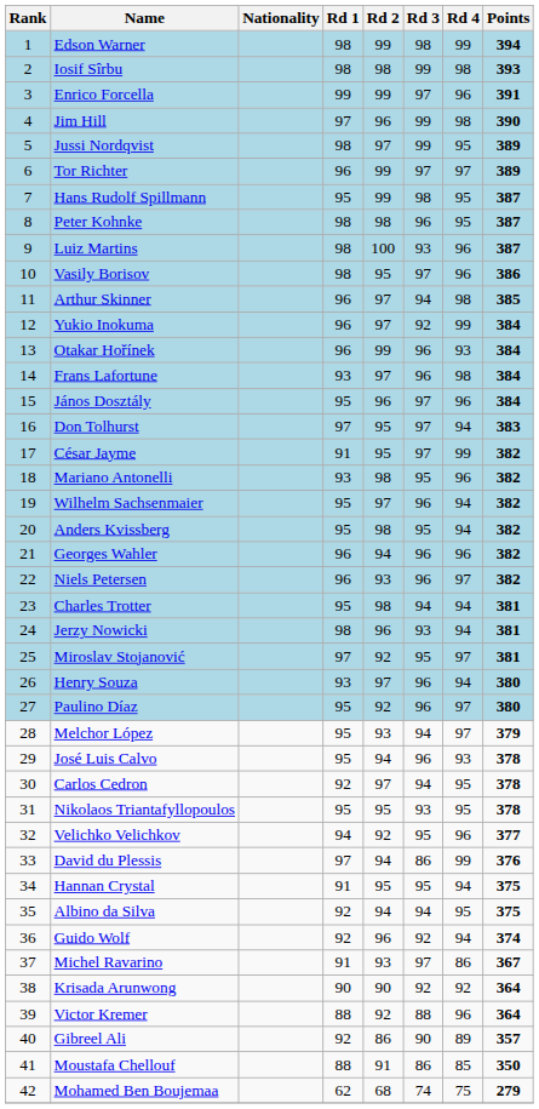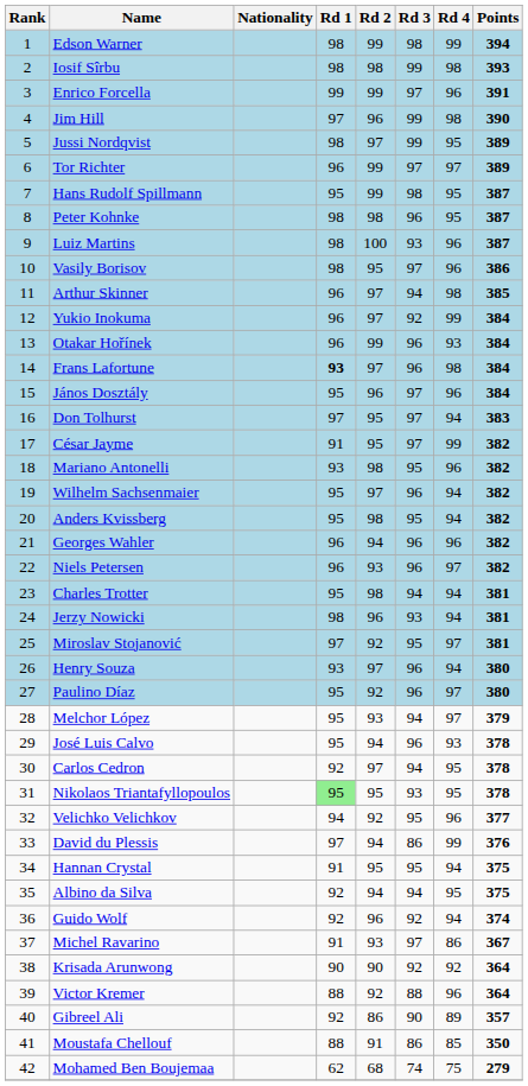 <table class="wikitable sortable" style="text-align:center">
 <tr>
 <th>Rank</th>
 <th>Name</th>
 <th>Nationality</th>
 <th>Rd 1</th>
 <th>Rd 2</th>
 <th>Rd 3</th>
 <th>Rd 4</th>
 <th>Points</th>
 </tr>
 <tr bgcolor=lightblue>
 <td>1</td>
 <td align=left><a href='#'>Edson Warner</a></td>
 <td align=left></td>
 <td>98</td>
 <td>99</td>
 <td>98</td>
 <td>99</td>
 <td><strong>394</strong></td>
 </tr>
 <tr bgcolor=lightblue>
 <td>2</td>
 <td align=left><a href='#'>Iosif Sîrbu</a></td>
 <td align=left></td>
 <td>98</td>
 <td>98</td>
 <td>99</td>
 <td>98</td>
 <td><strong>393</strong></td>
 </tr>
 <tr bgcolor=lightblue>
 <td>3</td>
 <td align=left><a href='#'>Enrico Forcella</a></td>
 <td align=left></td>
 <td>99</td>
 <td>99</td>
 <td>97</td>
 <td>96</td>
 <td><strong>391</strong></td>
 </tr>
 <tr bgcolor=lightblue>
 <td>4</td>
 <td align=left><a href='#'>Jim Hill</a></td>
 <td align=left></td>
 <td>97</td>
 <td>96</td>
 <td>99</td>
 <td>98</td>
 <td><strong>390</strong></td>
 </tr>
 <tr bgcolor=lightblue>
 <td>5</td>
 <td align=left><a href='#'>Jussi Nordqvist</a></td>
 <td align=left></td>
 <td>98</td>
 <td>97</td>
 <td>99</td>
 <td>95</td>
 <td><strong>389</strong></td>
 </tr>
 <tr bgcolor=lightblue>
 <td>6</td>
 <td align=left><a href='#'>Tor Richter</a></td>
 <td align=left></td>
 <td>96</td>
 <td>99</td>
 <td>97</td>
 <td>97</td>
 <td><strong>389</strong></td>
 </tr>
 <tr bgcolor=lightblue>
 <td>7</td>
 <td align=left><a href='#'>Hans Rudolf Spillmann</a></td>
 <td align=left></td>
 <td>95</td>
 <td>99</td>
 <td>98</td>
 <td>95</td>
 <td><strong>387</strong></td>
 </tr>
 <tr bgcolor=lightblue>
 <td>8</td>
 <td align=left><a href='#'>Peter Kohnke</a></td>
 <td align=left></td>
 <td>98</td>
 <td>98</td>
 <td>96</td>
 <td>95</td>
 <td><strong>387</strong></td>
 </tr>
 <tr bgcolor=lightblue>
 <td>9</td>
 <td align=left><a href='#'>Luiz Martins</a></td>
 <td align=left></td>
 <td>98</td>
 <td>100</td>
 <td>93</td>
 <td>96</td>
 <td><strong>387</strong></td>
 </tr>
 <tr bgcolor=lightblue>
 <td>10</td>
 <td align=left><a href='#'>Vasily Borisov</a></td>
 <td align=left></td>
 <td>98</td>
 <td>95</td>
 <td>97</td>
 <td>96</td>
 <td><strong>386</strong></td>
 </tr>
 <tr bgcolor=lightblue>
 <td>11</td>
 <td align=left><a href='#'>Arthur Skinner</a></td>
 <td align=left></td>
 <td>96</td>
 <td>97</td>
 <td>94</td>
 <td>98</td>
 <td><strong>385</strong></td>
 </tr>
 <tr bgcolor=lightblue>
 <td>12</td>
 <td align=left><a href='#'>Yukio Inokuma</a></td>
 <td align=left></td>
 <td>96</td>
 <td>97</td>
 <td>92</td>
 <td>99</td>
 <td><strong>384</strong></td>
 </tr>
 <tr bgcolor=lightblue>
 <td>13</td>
 <td align=left><a href='#'>Otakar Hořínek</a></td>
 <td align=left></td>
 <td>96</td>
 <td>99</td>
 <td>96</td>
 <td>93</td>
 <td><strong>384</strong></td>
 </tr>
 <tr bgcolor=lightblue>
 <td>14</td>
 <td align=left><a href='#'>Frans Lafortune</a></td>
 <td align=left></td>
-<td>93</td>
+<td><strong>93</strong></td>
 <td>97</td>
 <td>96</td>
 <td>98</td>
 <td><strong>384</strong></td>
 </tr>
 <tr bgcolor=lightblue>
 <td>15</td>
 <td align=left><a href='#'>János Dosztály</a></td>
 <td align=left></td>
 <td>95</td>
 <td>96</td>
 <td>97</td>
 <td>96</td>
 <td><strong>384</strong></td>
 </tr>
 <tr bgcolor=lightblue>
 <td>16</td>
 <td align=left><a href='#'>Don Tolhurst</a></td>
 <td align=left></td>
 <td>97</td>
 <td>95</td>
 <td>97</td>
 <td>94</td>
 <td><strong>383</strong></td>
 </tr>
 <tr bgcolor=lightblue>
 <td>17</td>
 <td align=left><a href='#'>César Jayme</a></td>
 <td align=left></td>
 <td>91</td>
 <td>95</td>
 <td>97</td>
 <td>99</td>
 <td><strong>382</strong></td>
 </tr>
 <tr bgcolor=lightblue>
 <td>18</td>
 <td align=left><a href='#'>Mariano Antonelli</a></td>
 <td align=left></td>
 <td>93</td>
 <td>98</td>
 <td>95</td>
 <td>96</td>
 <td><strong>382</strong></td>
 </tr>
 <tr bgcolor=lightblue>
 <td>19</td>
 <td align=left><a href='#'>Wilhelm Sachsenmaier</a></td>
 <td align=left></td>
 <td>95</td>
 <td>97</td>
 <td>96</td>
 <td>94</td>
 <td><strong>382</strong></td>
 </tr>
 <tr bgcolor=lightblue>
 <td>20</td>
 <td align=left><a href='#'>Anders Kvissberg</a></td>
 <td align=left></td>
 <td>95</td>
 <td>98</td>
 <td>95</td>
 <td>94</td>
 <td><strong>382</strong></td>
 </tr>
 <tr bgcolor=lightblue>
 <td>21</td>
 <td align=left><a href='#'>Georges Wahler</a></td>
 <td align=left></td>
 <td>96</td>
 <td>94</td>
 <td>96</td>
 <td>96</td>
 <td><strong>382</strong></td>
 </tr>
 <tr bgcolor=lightblue>
 <td>22</td>
 <td align=left><a href='#'>Niels Petersen</a></td>
 <td align=left></td>
 <td>96</td>
 <td>93</td>
 <td>96</td>
 <td>97</td>
 <td><strong>382</strong></td>
 </tr>
 <tr bgcolor=lightblue>
 <td>23</td>
 <td align=left><a href='#'>Charles Trotter</a></td>
 <td align=left></td>
 <td>95</td>
 <td>98</td>
 <td>94</td>
 <td>94</td>
 <td><strong>381</strong></td>
 </tr>
 <tr bgcolor=lightblue>
 <td>24</td>
 <td align=left><a href='#'>Jerzy Nowicki</a></td>
 <td align=left></td>
 <td>98</td>
 <td>96</td>
 <td>93</td>
 <td>94</td>
 <td><strong>381</strong></td>
 </tr>
 <tr bgcolor=lightblue>
 <td>25</td>
 <td align=left><a href='#'>Miroslav Stojanović</a></td>
 <td align=left></td>
 <td>97</td>
 <td>92</td>
 <td>95</td>
 <td>97</td>
 <td><strong>381</strong></td>
 </tr>
 <tr bgcolor=lightblue>
 <td>26</td>
 <td align=left><a href='#'>Henry Souza</a></td>
 <td align=left></td>
 <td>93</td>
 <td>97</td>
 <td>96</td>
 <td>94</td>
 <td><strong>380</strong></td>
 </tr>
 <tr bgcolor=lightblue>
 <td>27</td>
 <td align=left><a href='#'>Paulino Díaz</a></td>
 <td align=left></td>
 <td>95</td>
 <td>92</td>
 <td>96</td>
 <td>97</td>
 <td><strong>380</strong></td>
 </tr>
 <tr>
 <td>28</td>
 <td align=left><a href='#'>Melchor López</a></td>
 <td align=left></td>
 <td>95</td>
 <td>93</td>
 <td>94</td>
 <td>97</td>
 <td><strong>379</strong></td>
 </tr>
 <tr>
 <td>29</td>
 <td align=left><a href='#'>José Luis Calvo</a></td>
 <td align=left></td>
 <td>95</td>
 <td>94</td>
 <td>96</td>
 <td>93</td>
 <td><strong>378</strong></td>
 </tr>
 <tr>
 <td>30</td>
 <td align=left><a href='#'>Carlos Cedron</a></td>
 <td align=left></td>
 <td>92</td>
 <td>97</td>
 <td>94</td>
 <td>95</td>
 <td><strong>378</strong></td>
 </tr>
 <tr>
 <td>31</td>
 <td align=left><a href='#'>Nikolaos Triantafyllopoulos</a></td>
 <td align=left></td>
-<td>95</td>
+<td style="background: lightgreen;">95</td>
 <td>95</td>
 <td>93</td>
 <td>95</td>
 <td><strong>378</strong></td>
 </tr>
 <tr>
 <td>32</td>
 <td align=left><a href='#'>Velichko Velichkov</a></td>
 <td align=left></td>
 <td>94</td>
 <td>92</td>
 <td>95</td>
 <td>96</td>
 <td><strong>377</strong></td>
 </tr>
 <tr>
 <td>33</td>
 <td align=left><a href='#'>David du Plessis</a></td>
 <td align=left></td>
 <td>97</td>
 <td>94</td>
 <td>86</td>
 <td>99</td>
 <td><strong>376</strong></td>
 </tr>
 <tr>
 <td>34</td>
 <td align=left><a href='#'>Hannan Crystal</a></td>
 <td align=left></td>
 <td>91</td>
 <td>95</td>
 <td>95</td>
 <td>94</td>
 <td><strong>375</strong></td>
 </tr>
 <tr>
 <td>35</td>
 <td align=left><a href='#'>Albino da Silva</a></td>
 <td align=left></td>
 <td>92</td>
 <td>94</td>
 <td>94</td>
 <td>95</td>
 <td><strong>375</strong></td>
 </tr>
 <tr>
 <td>36</td>
 <td align=left><a href='#'>Guido Wolf</a></td>
 <td align=left></td>
 <td>92</td>
 <td>96</td>
 <td>92</td>
 <td>94</td>
 <td><strong>374</strong></td>
 </tr>
 <tr>
 <td>37</td>
 <td align=left><a href='#'>Michel Ravarino</a></td>
 <td align=left></td>
 <td>91</td>
 <td>93</td>
 <td>97</td>
 <td>86</td>
 <td><strong>367</strong></td>
 </tr>
 <tr>
 <td>38</td>
 <td align=left><a href='#'>Krisada Arunwong</a></td>
 <td align=left></td>
 <td>90</td>
 <td>90</td>
 <td>92</td>
 <td>92</td>
 <td><strong>364</strong></td>
 </tr>
 <tr>
 <td>39</td>
 <td align=left><a href='#'>Victor Kremer</a></td>
 <td align=left></td>
 <td>88</td>
 <td>92</td>
 <td>88</td>
 <td>96</td>
 <td><strong>364</strong></td>
 </tr>
 <tr>
 <td>40</td>
 <td align=left><a href='#'>Gibreel Ali</a></td>
 <td align=left></td>
 <td>92</td>
 <td>86</td>
 <td>90</td>
 <td>89</td>
 <td><strong>357</strong></td>
 </tr>
 <tr>
 <td>41</td>
 <td align=left><a href='#'>Moustafa Chellouf</a></td>
 <td align=left></td>
 <td>88</td>
 <td>91</td>
 <td>86</td>
 <td>85</td>
 <td><strong>350</strong></td>
 </tr>
 <tr>
 <td>42</td>
 <td align=left><a href='#'>Mohamed Ben Boujemaa</a></td>
 <td align=left></td>
 <td>62</td>
 <td>68</td>
 <td>74</td>
 <td>75</td>
 <td><strong>279</strong></td>
 </tr>
 <tr>
 </tr>
 </table>
